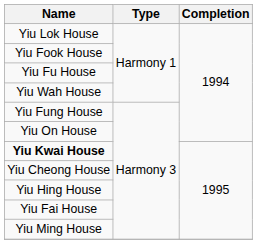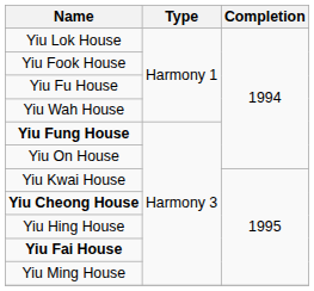 <table class="wikitable" style="text-align: center">
 <tr>
 <th>Name</th>
 <th>Type</th>
 <th>Completion</th>
 </tr>
 <tr>
 <td>Yiu Lok House</td>
 <td rowspan="4">Harmony 1</td>
 <td rowspan="6">1994</td>
 </tr>
 <tr>
 <td>Yiu Fook House</td>
 </tr>
 <tr>
 <td>Yiu Fu House</td>
 </tr>
 <tr>
 <td>Yiu Wah House</td>
 </tr>
 <tr>
-<td>Yiu Fung House</td>
+<td><strong>Yiu Fung House</strong></td>
 <td rowspan="7">Harmony 3</td>
 </tr>
 <tr>
 <td>Yiu On House</td>
 </tr>
 <tr>
-<td><strong>Yiu Kwai House</strong></td>
+<td>Yiu Kwai House</td>
 <td rowspan="5">1995</td>
 </tr>
 <tr>
-<td>Yiu Cheong House</td>
+<td><strong>Yiu Cheong House</strong></td>
 </tr>
 <tr>
 <td>Yiu Hing House</td>
 </tr>
 <tr>
-<td>Yiu Fai House</td>
+<td><strong>Yiu Fai House</strong></td>
 </tr>
 <tr>
 <td>Yiu Ming House</td>
 </tr>
 <tr>
 </tr>
 </table>
